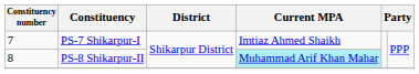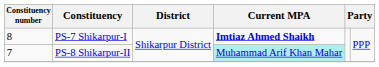 <table class="wikitable">
 <tr>
 <th width="50px" style="font-size:75%">Constituency number</th>
 <th>Constituency</th>
 <th>District</th>
 <th>Current MPA</th>
 <th colspan="2">Party</th>
 </tr>
 <tr>
-<td>7</td>
+<td>8</td>
 <td><a href='#'>PS-7 Shikarpur-I</a></td>
 <td rowspan="2"><a href='#'>Shikarpur District</a></td>
-<td><a href='#'>Imtiaz Ahmed Shaikh</a></td>
+<td><strong><a href='#'>Imtiaz Ahmed Shaikh</a></strong></td>
 <td rowspan="2"></td>
 <td rowspan="2"><a href='#'>PPP</a></td>
 </tr>
 <tr>
-<td>8</td>
+<td>7</td>
 <td><a href='#'>PS-8 Shikarpur-II</a></td>
 <td style="background: paleturquoise;"><a href='#'>Muhammad Arif Khan Mahar</a></td>
 </tr>
 <tr>
 </tr>
 </table>
